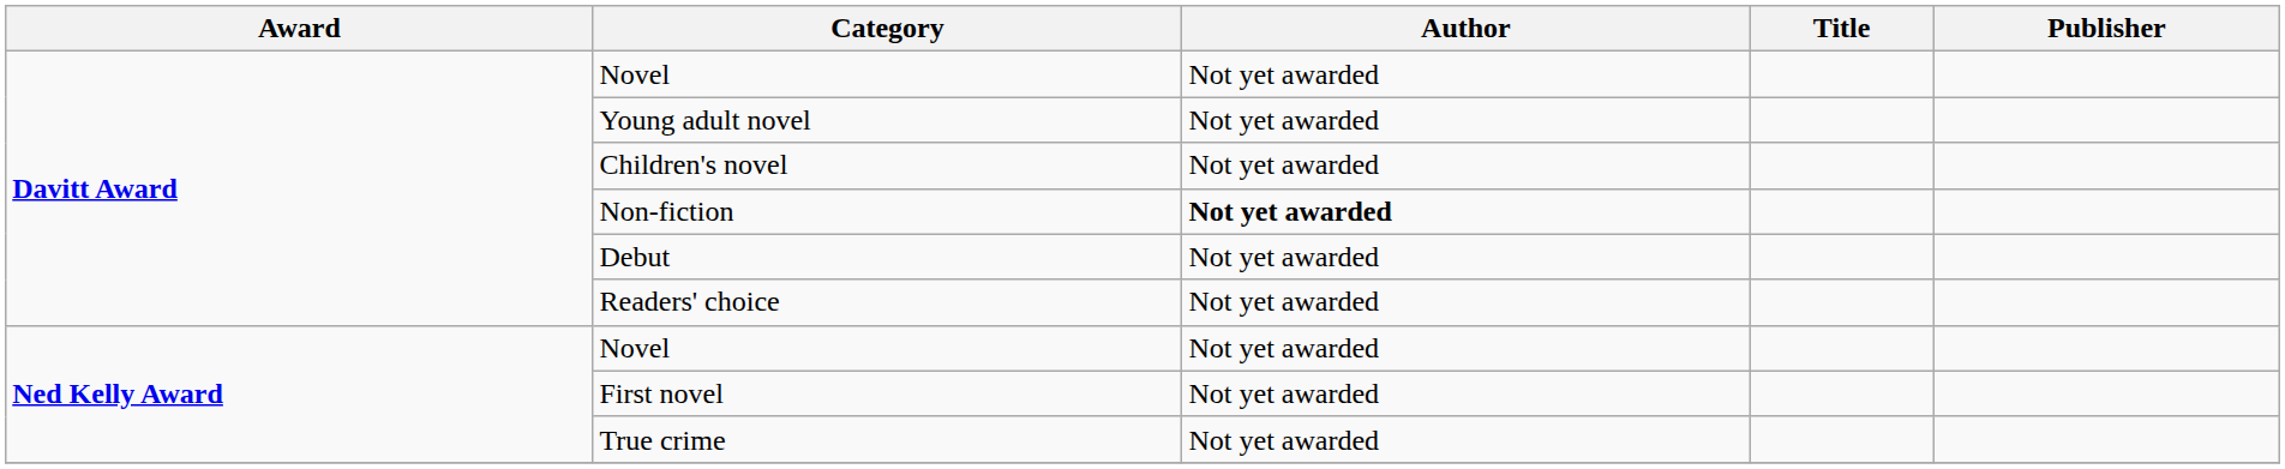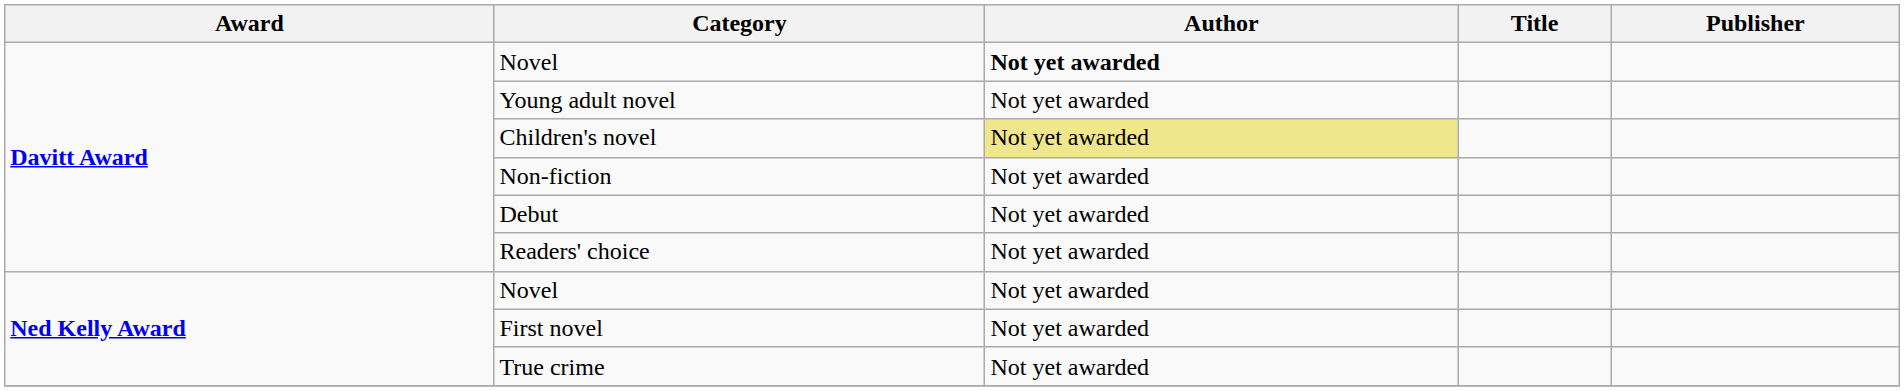 <table class="wikitable" width=100%>
 <tr>
 <th>Award</th>
 <th>Category</th>
 <th>Author</th>
 <th>Title</th>
 <th>Publisher</th>
 </tr>
 <tr>
 <td rowspan=6><strong><a href='#'>Davitt Award</a></strong></td>
 <td>Novel</td>
-<td>Not yet awarded</td>
+<td><strong>Not yet awarded</strong></td>
 <td></td>
 <td></td>
 </tr>
 <tr>
 <td>Young adult novel</td>
 <td>Not yet awarded</td>
 <td></td>
 <td></td>
 </tr>
 <tr>
 <td>Children's novel</td>
-<td>Not yet awarded</td>
+<td style="background: khaki;">Not yet awarded</td>
 <td></td>
 <td></td>
 </tr>
 <tr>
 <td>Non-fiction</td>
-<td><strong>Not yet awarded</strong></td>
+<td>Not yet awarded</td>
 <td></td>
 <td></td>
 </tr>
 <tr>
 <td>Debut</td>
 <td>Not yet awarded</td>
 <td></td>
 <td></td>
 </tr>
 <tr>
 <td>Readers' choice</td>
 <td>Not yet awarded</td>
 <td></td>
 <td></td>
 </tr>
 <tr>
 <td rowspan=3><strong><a href='#'>Ned Kelly Award</a></strong></td>
 <td>Novel</td>
 <td>Not yet awarded</td>
 <td></td>
 <td></td>
 </tr>
 <tr>
 <td>First novel</td>
 <td>Not yet awarded</td>
 <td></td>
 <td></td>
 </tr>
 <tr>
 <td>True crime</td>
 <td>Not yet awarded</td>
 <td></td>
 <td></td>
 </tr>
 <tr>
 </tr>
 </table>
